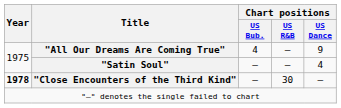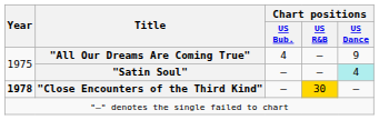 <table class="wikitable plainrowheaders" style="text-align:center;">
 <tr>
 <th scope="col" rowspan="2">Year</th>
 <th scope="col" rowspan="2">Title</th>
 <th scope="col" colspan="3">Chart positions</th>
 </tr>
 <tr style="font-size:smaller;">
 <th scope="col" width="40"><a href='#'>US<br>Bub.</a><br></th>
 <th scope="col" width="40"><a href='#'>US<br>R&B</a><br></th>
 <th scope="col" width="40"><a href='#'>US<br>Dance</a><br></th>
 </tr>
 <tr>
 <td rowspan="2">1975</td>
 <th scope="row">"All Our Dreams Are Coming True"</th>
 <td>4</td>
 <td>—</td>
 <td>9</td>
 </tr>
 <tr>
 <th scope="row">"Satin Soul"</th>
 <td>—</td>
 <td>—</td>
-<td>4</td>
+<td style="background: paleturquoise;">4</td>
 </tr>
 <tr>
 <td><strong>1978</strong></td>
 <th scope="row">"Close Encounters of the Third Kind"</th>
 <td>—</td>
-<td>30</td>
+<td style="background: gold;">30</td>
 <td>—</td>
 </tr>
 <tr>
 <td align="center" colspan="8"><small>"—" denotes the single failed to chart</small></td>
 </tr>
 </table>
